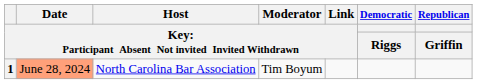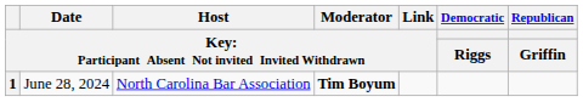 <table class="wikitable" style="text-align:center;">
 <tr>
 <th scope="col"></th>
 <th scope="col">Date</th>
 <th scope="col">Host</th>
 <th scope="col">Moderator</th>
 <th scope="col">Link</th>
 <th scope="col"><small><a href='#'>Democratic</a></small></th>
 <th scope="col"><small><a href='#'>Republican</a></small></th>
 </tr>
 <tr>
 <th colspan="5" rowspan="2">Key:<br> <small>Participant </small>  <small>Absent </small>  <small>Not invited </small>  <small>Invited  Withdrawn</small></th>
 <th scope="col" style="background:"></th>
 <th scope="col" style="background:"></th>
 </tr>
 <tr>
 <th scope="col">Riggs</th>
 <th scope="col">Griffin</th>
 </tr>
 <tr>
 <th>1</th>
-<td style="background: lightsalmon; white-space:nowrap;">June 28, 2024</td>
+<td style="white-space:nowrap;">June 28, 2024</td>
 <td style="white-space:nowrap;"><a href='#'>North Carolina Bar Association</a></td>
-<td style="white-space:nowrap;">Tim Boyum</td>
+<td style="white-space:nowrap;"><strong>Tim Boyum</strong></td>
 <td style="white-space:nowrap;"></td>
 <td></td>
 <td></td>
 </tr>
 </table>
